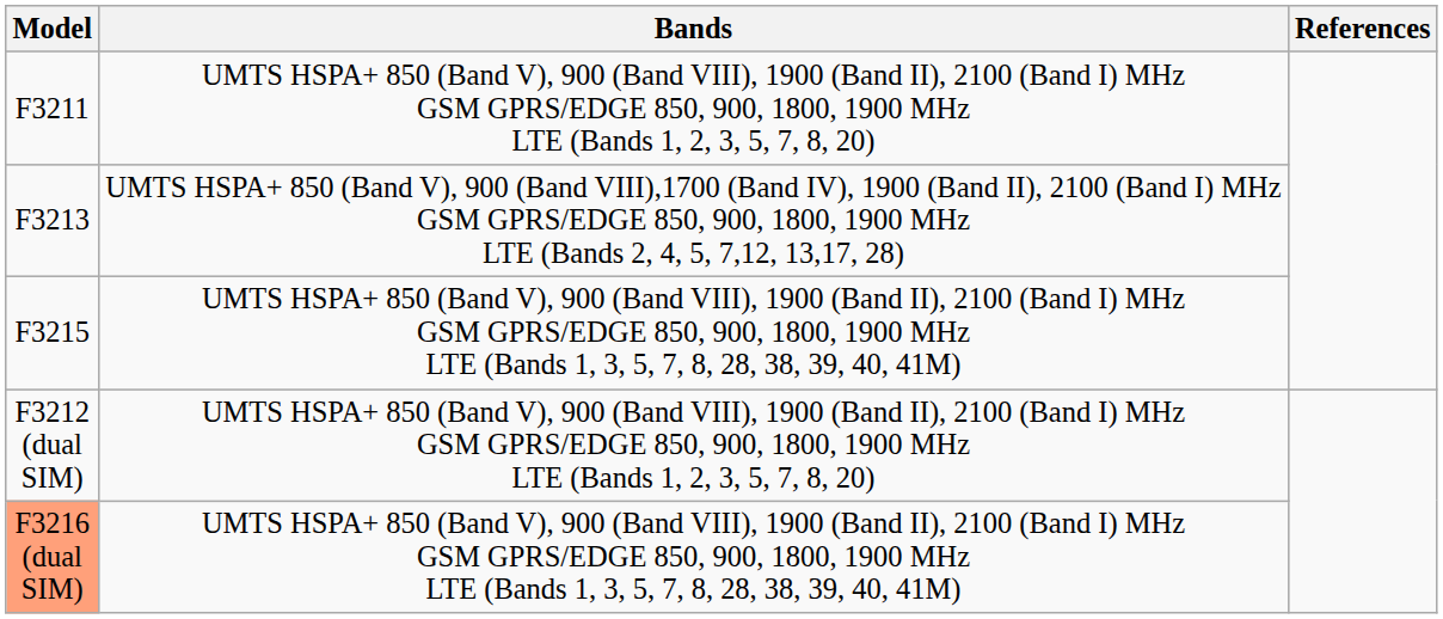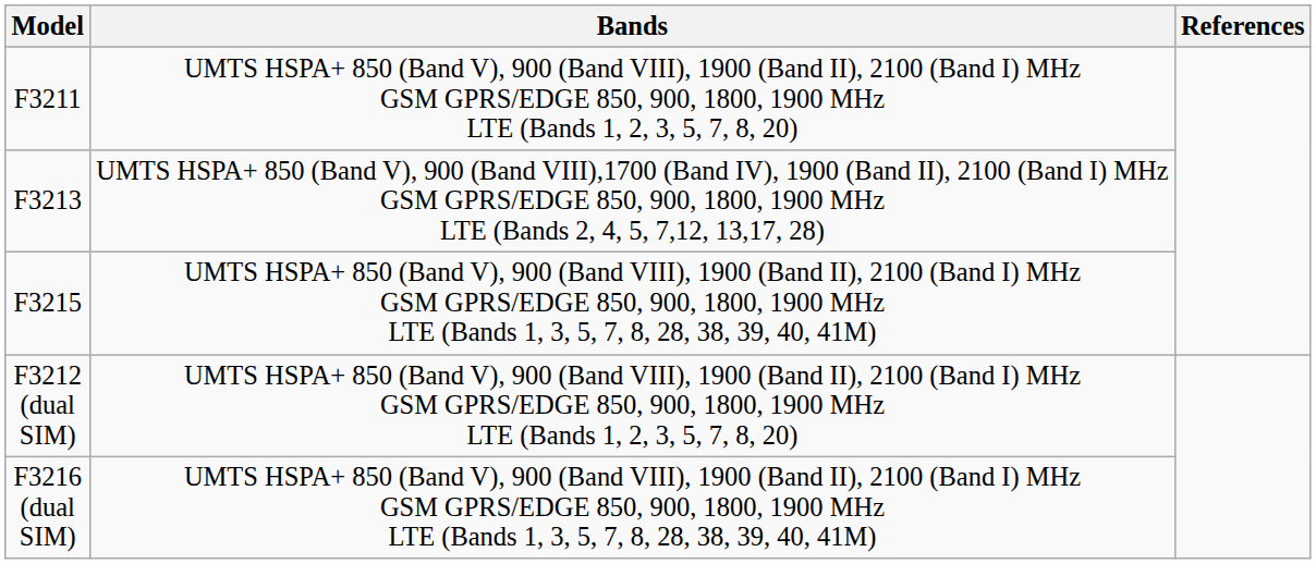 <table class="wikitable sortable">
 <tr>
 <th style="width:10px;">Model</th>
 <th>Bands</th>
 <th>References</th>
 </tr>
 <tr>
 <td style="text-align:center;">F3211</td>
 <td style="text-align:center;">UMTS HSPA+ 850 (Band V), 900 (Band VIII), 1900 (Band II), 2100 (Band I) MHz<br>GSM GPRS/EDGE 850, 900, 1800, 1900 MHz <br> LTE (Bands 1, 2, 3, 5, 7, 8, 20)</td>
 <td rowspan="3" style="text-align:center;"></td>
 </tr>
 <tr>
 <td style="text-align:center;">F3213</td>
 <td style="text-align:center;">UMTS HSPA+ 850 (Band V), 900 (Band VIII),1700 (Band IV), 1900 (Band II), 2100 (Band I) MHz<br>GSM GPRS/EDGE 850, 900, 1800, 1900 MHz <br>LTE (Bands 2, 4, 5, 7,12, 13,17, 28)</td>
 </tr>
 <tr>
 <td style="text-align:center;">F3215</td>
 <td style="text-align:center;">UMTS HSPA+ 850 (Band V), 900 (Band VIII), 1900 (Band II), 2100 (Band I) MHz<br>GSM GPRS/EDGE 850, 900, 1800, 1900 MHz <br>LTE (Bands 1, 3, 5, 7, 8, 28, 38, 39, 40, 41M)</td>
 </tr>
 <tr>
 <td style="text-align:center;">F3212 (dual SIM)</td>
 <td style="text-align:center;">UMTS HSPA+ 850 (Band V), 900 (Band VIII), 1900 (Band II), 2100 (Band I) MHz<br>GSM GPRS/EDGE 850, 900, 1800, 1900 MHz <br>LTE (Bands 1, 2, 3, 5, 7, 8, 20)</td>
 <td rowspan="2" style="text-align:center;"></td>
 </tr>
 <tr>
-<td style="background: lightsalmon; text-align:center;">F3216 (dual SIM)</td>
+<td style="text-align:center;">F3216 (dual SIM)</td>
 <td style="text-align:center;">UMTS HSPA+ 850 (Band V), 900 (Band VIII), 1900 (Band II), 2100 (Band I) MHz<br>GSM GPRS/EDGE 850, 900, 1800, 1900 MHz <br>LTE (Bands 1, 3, 5, 7, 8, 28, 38, 39, 40, 41M)</td>
 </tr>
 </table>
